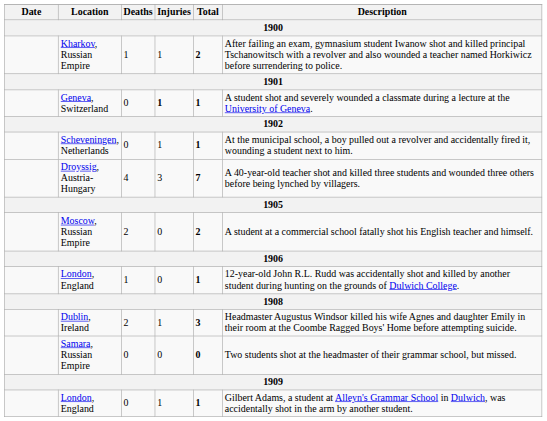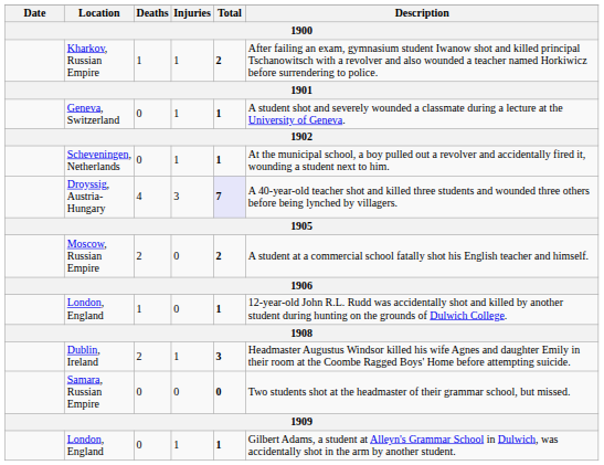 <table class="sortable wikitable" style="font-size:100%;" id="1900s">
 <tr>
 </tr>
 <tr>
 <th style="width:80px;">Date</th>
 <th style="width:90px;">Location</th>
 <th style="width:40px;">Deaths</th>
 <th style="width:40px;">Injuries</th>
 <th style="width:40px;">Total</th>
 <th class="unsortable">Description</th>
 </tr>
 <tr>
 <th colspan="7">1900 </th>
 </tr>
 <tr>
 <td></td>
 <td><a href='#'>Kharkov</a>, Russian Empire</td>
 <td>1</td>
 <td>1</td>
 <td><strong>2</strong></td>
 <td>After failing an exam, gymnasium student Iwanow shot and killed principal Tschanowitsch with a revolver and also wounded a teacher named Horkiwicz before surrendering to police.</td>
 </tr>
 <tr>
 <th colspan="7">1901 </th>
 </tr>
 <tr>
 <td></td>
 <td><a href='#'>Geneva</a>, Switzerland</td>
 <td>0</td>
-<td><strong>1</strong></td>
+<td>1</td>
 <td><strong>1</strong></td>
 <td>A student shot and severely wounded a classmate during a lecture at the <a href='#'>University of Geneva</a>.</td>
 </tr>
 <tr>
 <th colspan="7">1902 </th>
 </tr>
 <tr>
 <td></td>
 <td><a href='#'>Scheveningen</a>, Netherlands</td>
 <td>0</td>
 <td>1</td>
 <td><strong>1</strong></td>
 <td>At the municipal school, a boy pulled out a revolver and accidentally fired it, wounding a student next to him.</td>
 </tr>
 <tr>
 <td></td>
 <td><a href='#'>Droyssig</a>, Austria-Hungary</td>
 <td>4</td>
 <td>3</td>
-<td><strong>7</strong></td>
+<td style="background: lavender;"><strong>7</strong></td>
 <td>A 40-year-old teacher shot and killed three students and wounded three others before being lynched by villagers.</td>
 </tr>
 <tr>
 <th colspan="7">1905 </th>
 </tr>
 <tr>
 <td></td>
 <td><a href='#'>Moscow</a>, Russian Empire</td>
 <td>2</td>
 <td>0</td>
 <td><strong>2</strong></td>
 <td>A student at a commercial school fatally shot his English teacher and himself.</td>
 </tr>
 <tr>
 <th colspan="7">1906 </th>
 </tr>
 <tr>
 <td></td>
 <td><a href='#'>London</a>, England</td>
 <td>1</td>
 <td>0</td>
 <td><strong>1</strong></td>
 <td>12-year-old John R.L. Rudd was accidentally shot and killed by another student during hunting on the grounds of <a href='#'>Dulwich College</a>.</td>
 </tr>
 <tr>
 <th colspan="7">1908 </th>
 </tr>
 <tr>
 <td></td>
 <td><a href='#'>Dublin</a>, Ireland</td>
 <td>2</td>
 <td>1</td>
 <td><strong>3</strong></td>
 <td>Headmaster Augustus Windsor killed his wife Agnes and daughter Emily in their room at the Coombe Ragged Boys' Home before attempting suicide.</td>
 </tr>
 <tr>
 <td></td>
 <td><a href='#'>Samara</a>, Russian Empire</td>
 <td>0</td>
 <td>0</td>
 <td><strong>0</strong></td>
 <td>Two students shot at the headmaster of their grammar school, but missed.</td>
 </tr>
 <tr>
 <th colspan="7">1909 </th>
 </tr>
 <tr>
 <td></td>
 <td><a href='#'>London</a>, England</td>
 <td>0</td>
 <td>1</td>
 <td><strong>1</strong></td>
 <td>Gilbert Adams, a student at <a href='#'>Alleyn's Grammar School</a> in <a href='#'>Dulwich</a>, was accidentally shot in the arm by another student.</td>
 </tr>
 </table>
